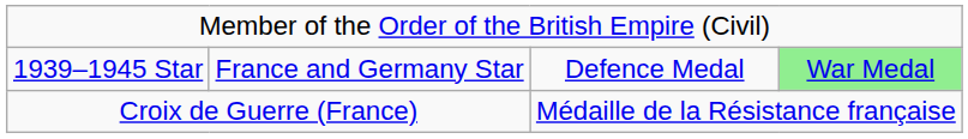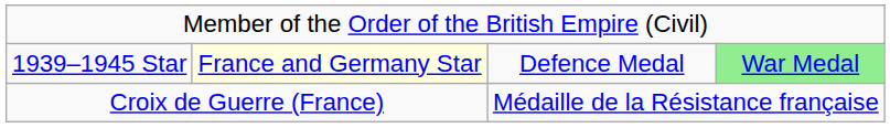 <table class="wikitable" style="margin:1em auto; text-align:center;">
 <tr>
 <td colspan=4>Member of the <a href='#'>Order of the British Empire</a> (Civil)</td>
 </tr>
 <tr>
 <td><a href='#'>1939–1945 Star</a></td>
-<td><a href='#'>France and Germany Star</a></td>
+<td style="background: lightyellow;"><a href='#'>France and Germany Star</a></td>
 <td><a href='#'>Defence Medal</a></td>
 <td style="background: lightgreen;"><a href='#'>War Medal</a></td>
 </tr>
 <tr>
 <td colspan=2><a href='#'>Croix de Guerre (France)</a></td>
 <td colspan=2><a href='#'>Médaille de la Résistance française</a></td>
 </tr>
 </table>
